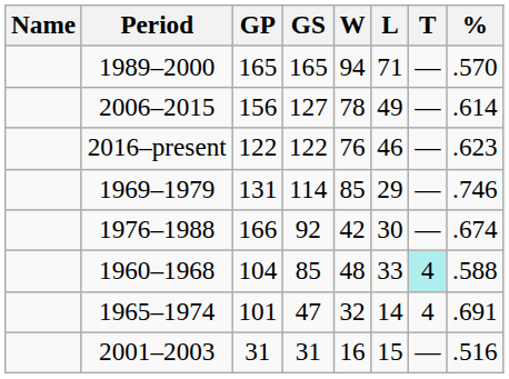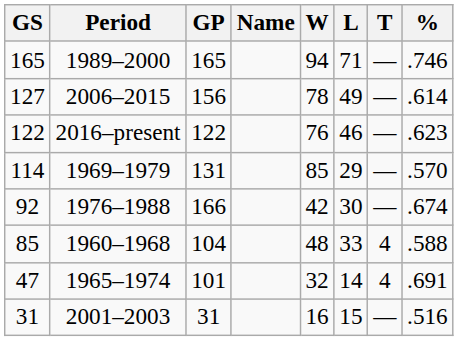 <table class="wikitable sortable" style="text-align:center">
 <tr>
-<th scope="col">Name</th>
+<th scope="col">GS</th>
 <th scope="col">Period</th>
 <th scope="col">GP</th>
-<th scope="col">GS</th>
+<th scope="col">Name</th>
 <th scope="col">W</th>
 <th scope="col">L</th>
 <th scope="col">T</th>
 <th scope="col">%</th>
 </tr>
 <tr>
-<td></td>
+<td>165</td>
 <td>1989–2000</td>
 <td>165</td>
-<td>165</td>
+<td></td>
 <td>94</td>
 <td>71</td>
 <td>—</td>
-<td>.570</td>
+<td>.746</td>
 </tr>
 <tr>
-<td></td>
+<td>127</td>
 <td>2006–2015</td>
 <td>156</td>
-<td>127</td>
+<td></td>
 <td>78</td>
 <td>49</td>
 <td>—</td>
 <td>.614</td>
 </tr>
 <tr>
-<td></td>
+<td>122</td>
 <td>2016–present</td>
 <td>122</td>
-<td>122</td>
+<td></td>
 <td>76</td>
 <td>46</td>
 <td>—</td>
 <td>.623</td>
 </tr>
 <tr>
-<td></td>
+<td>114</td>
 <td>1969–1979</td>
 <td>131</td>
-<td>114</td>
+<td></td>
 <td>85</td>
 <td>29</td>
 <td>—</td>
-<td>.746</td>
+<td>.570</td>
 </tr>
 <tr>
-<td></td>
+<td>92</td>
 <td>1976–1988</td>
 <td>166</td>
-<td>92</td>
+<td></td>
 <td>42</td>
 <td>30</td>
 <td>—</td>
 <td>.674</td>
 </tr>
 <tr>
-<td></td>
+<td>85</td>
 <td>1960–1968</td>
 <td>104</td>
-<td>85</td>
+<td></td>
 <td>48</td>
 <td>33</td>
-<td style="background: paleturquoise;">4</td>
+<td>4</td>
 <td>.588</td>
 </tr>
 <tr>
-<td></td>
+<td>47</td>
 <td>1965–1974</td>
 <td>101</td>
-<td>47</td>
+<td></td>
 <td>32</td>
 <td>14</td>
 <td>4</td>
 <td>.691</td>
 </tr>
 <tr>
-<td></td>
+<td>31</td>
 <td>2001–2003</td>
 <td>31</td>
-<td>31</td>
+<td></td>
 <td>16</td>
 <td>15</td>
 <td>—</td>
 <td>.516</td>
 </tr>
 </table>
